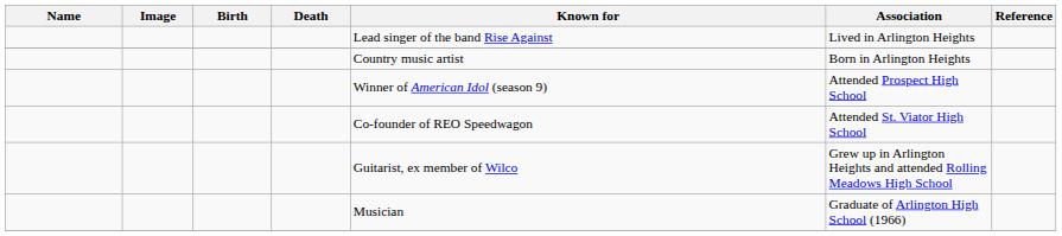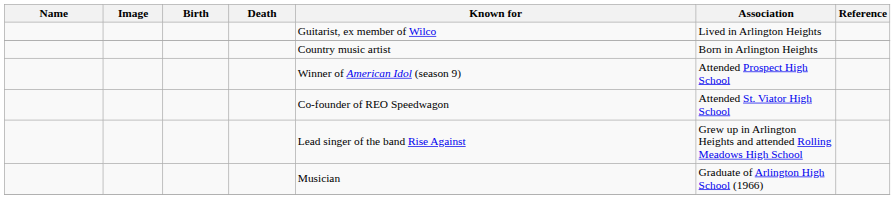 <table class="wikitable sortable">
 <tr>
 <th scope="col" width="140">Name</th>
 <th scope="col" width="80" class="unsortable">Image</th>
 <th scope="col" width="90">Birth</th>
 <th scope="col" width="90">Death</th>
 <th scope="col" width="600" class="unsortable">Known for</th>
 <th scope="col" width="200" class="unsortable">Association</th>
 <th scope="col" width="30" class="unsortable">Reference</th>
 </tr>
 <tr>
 <td></td>
 <td></td>
 <td align=right></td>
 <td></td>
-<td>Lead singer of the band <a href='#'>Rise Against</a></td>
+<td>Guitarist, ex member of <a href='#'>Wilco</a></td>
 <td>Lived in Arlington Heights</td>
 <td align="center"></td>
 </tr>
 <tr>
 </tr>
 <tr>
 <td></td>
 <td></td>
 <td align=right></td>
 <td></td>
 <td>Country music artist</td>
 <td>Born in Arlington Heights</td>
 <td align="center"></td>
 </tr>
 <tr>
 <td></td>
 <td></td>
 <td align=right></td>
 <td></td>
 <td>Winner of <em><a href='#'>American Idol</a></em> (season 9)</td>
 <td>Attended <a href='#'>Prospect High School</a></td>
 <td align="center"></td>
 </tr>
 <tr>
 <td></td>
 <td></td>
 <td></td>
 <td></td>
 <td>Co-founder of REO Speedwagon</td>
 <td>Attended <a href='#'>St. Viator High School</a></td>
 <td align="center"></td>
 </tr>
 <tr>
 <td></td>
 <td></td>
 <td align=right></td>
 <td></td>
-<td>Guitarist, ex member of <a href='#'>Wilco</a></td>
+<td>Lead singer of the band <a href='#'>Rise Against</a></td>
 <td>Grew up in Arlington Heights and attended <a href='#'>Rolling Meadows High School</a></td>
 <td align="center"></td>
 </tr>
 <tr>
 <td></td>
 <td></td>
 <td align=right></td>
 <td></td>
 <td>Musician</td>
 <td>Graduate of <a href='#'>Arlington High School</a> (1966)</td>
 <td align="center"></td>
 </tr>
 <tr>
 </tr>
 </table>
